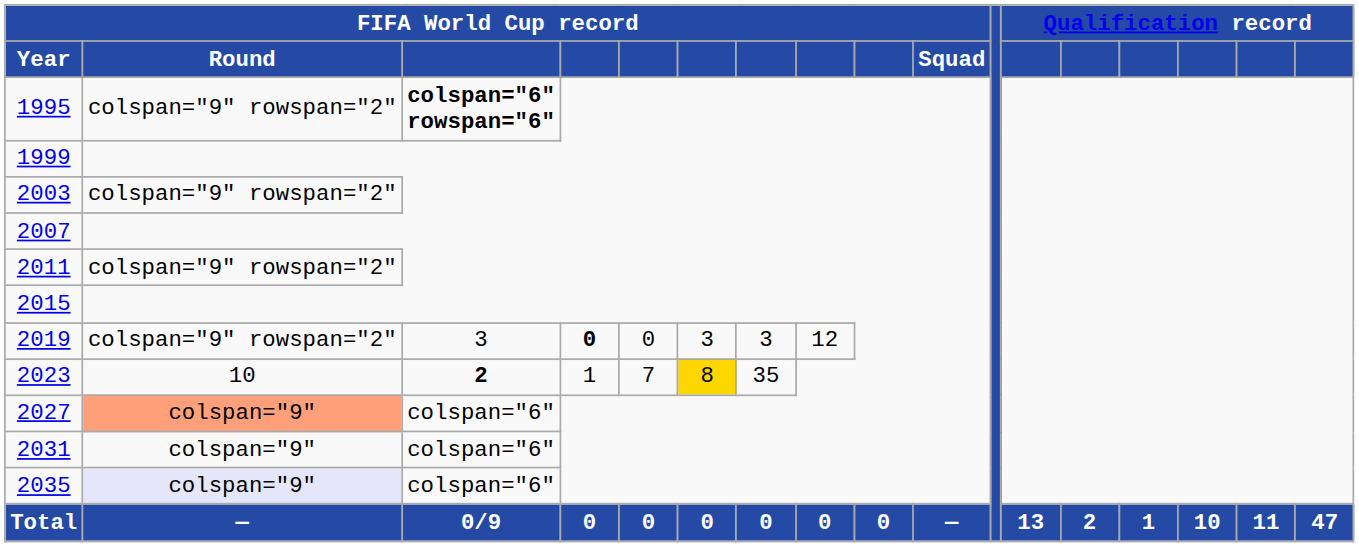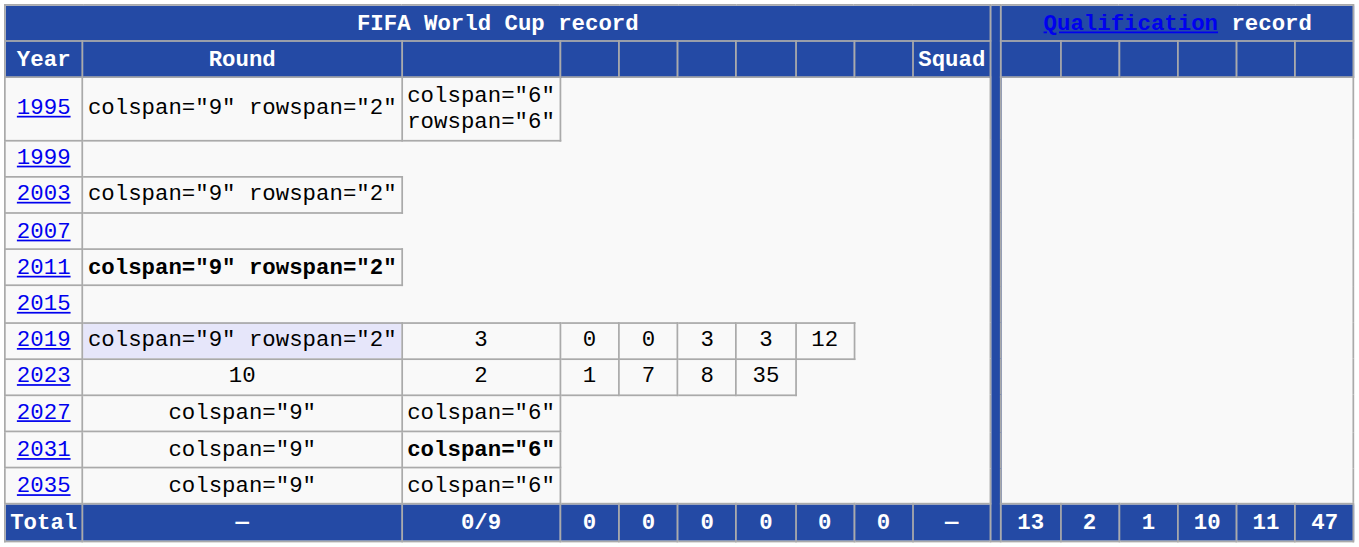 <table class="wikitable" style="text-align: center;">
 <tr>
 <th colspan="10" style="background:#244AA5; color:white; ">FIFA World Cup record</th>
 <th rowspan="100" style="background:#244AA5"></th>
 <th colspan="6" style="background:#244AA5; color:white; "><a href='#'><span>Qualification</span></a> record</th>
 </tr>
 <tr>
 <th style="background:#244AA5; color:white; ">Year</th>
 <th style="background:#244AA5; color:white; ">Round</th>
 <th width="28" style="background:#244AA5; color:white; "></th>
 <th width="28" style="background:#244AA5; color:white; "></th>
 <th width="28" style="background:#244AA5; color:white; "></th>
 <th width="28" style="background:#244AA5; color:white; "></th>
 <th width="28" style="background:#244AA5; color:white; "></th>
 <th width="28" style="background:#244AA5; color:white; "></th>
 <th width="28" style="background:#244AA5; color:white; "></th>
 <th style="background:#244AA5; color:white; ">Squad</th>
 <th width="28" style="background:#244AA5; color:white; "></th>
 <th width="28" style="background:#244AA5; color:white; "></th>
 <th width="28" style="background:#244AA5; color:white; "></th>
 <th width="28" style="background:#244AA5; color:white; "></th>
 <th width="28" style="background:#244AA5; color:white; "></th>
 <th width="28" style="background:#244AA5; color:white; "></th>
 </tr>
 <tr>
 <td> <a href='#'>1995</a></td>
 <td>colspan="9" rowspan="2" </td>
-<td><strong>colspan="6" rowspan="6" </strong></td>
+<td>colspan="6" rowspan="6" </td>
 </tr>
 <tr>
 <td> <a href='#'>1999</a></td>
 </tr>
 <tr>
 <td> <a href='#'>2003</a></td>
 <td>colspan="9" rowspan="2" </td>
 </tr>
 <tr>
 <td> <a href='#'>2007</a></td>
 </tr>
 <tr>
 <td> <a href='#'>2011</a></td>
-<td>colspan="9" rowspan="2" </td>
+<td><strong>colspan="9" rowspan="2" </strong></td>
 </tr>
 <tr>
 <td> <a href='#'>2015</a></td>
 </tr>
 <tr>
 <td> <a href='#'>2019</a></td>
-<td>colspan="9" rowspan="2" </td>
+<td style="background: lavender;">colspan="9" rowspan="2" </td>
 <td>3</td>
-<td><strong>0</strong></td>
+<td>0</td>
 <td>0</td>
 <td>3</td>
 <td>3</td>
 <td>12</td>
 </tr>
 <tr>
 <td> <a href='#'>2023</a></td>
 <td>10</td>
-<td><strong>2</strong></td>
+<td>2</td>
 <td>1</td>
 <td>7</td>
-<td style="background: gold;">8</td>
+<td>8</td>
 <td>35</td>
 </tr>
 <tr>
 <td> <a href='#'>2027</a></td>
-<td style="background: lightsalmon;">colspan="9" </td>
+<td>colspan="9" </td>
 <td>colspan="6" </td>
 </tr>
 <tr>
 <td> <a href='#'>2031</a></td>
 <td>colspan="9" </td>
-<td>colspan="6" </td>
+<td><strong>colspan="6" </strong></td>
 </tr>
 <tr>
 <td> <a href='#'>2035</a></td>
-<td style="background: lavender;">colspan="9" </td>
+<td>colspan="9" </td>
 <td>colspan="6" </td>
 </tr>
 <tr>
 <th style="background:#244AA5; color:white; ">Total</th>
 <th style="background:#244AA5; color:white; ">—</th>
 <th style="background:#244AA5; color:white; ">0/9</th>
 <th style="background:#244AA5; color:white; ">0</th>
 <th style="background:#244AA5; color:white; ">0</th>
 <th style="background:#244AA5; color:white; ">0</th>
 <th style="background:#244AA5; color:white; ">0</th>
 <th style="background:#244AA5; color:white; ">0</th>
 <th style="background:#244AA5; color:white; ">0</th>
 <th style="background:#244AA5; color:white; ">—</th>
 <th style="background:#244AA5; color:white; ">13</th>
 <th style="background:#244AA5; color:white; ">2</th>
 <th style="background:#244AA5; color:white; ">1</th>
 <th style="background:#244AA5; color:white; ">10</th>
 <th style="background:#244AA5; color:white; ">11</th>
 <th style="background:#244AA5; color:white; ">47</th>
 </tr>
 </table>
